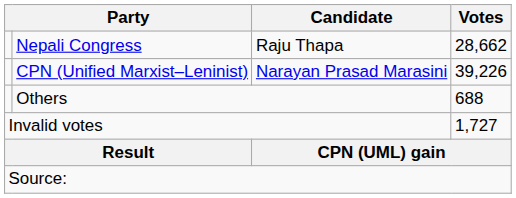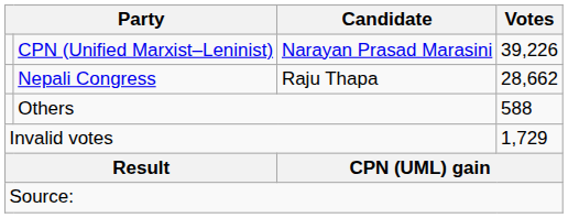 <table class="wikitable">
 <tr>
 <th colspan="2">Party</th>
 <th>Candidate</th>
 <th>Votes</th>
 </tr>
 <tr>
 <td style="background-color:"></td>
+<td><a href='#'>CPN (Unified Marxist–Leninist)</a></td>
+<td><a href='#'>Narayan Prasad Marasini</a></td>
+<td>39,226</td>
+</tr>
+<tr>
+<td style="background-color:"></td>
 <td><a href='#'>Nepali Congress</a></td>
 <td>Raju Thapa</td>
 <td>28,662</td>
 </tr>
 <tr>
-<td style="background-color:"></td>
-<td><a href='#'>CPN (Unified Marxist–Leninist)</a></td>
-<td><a href='#'>Narayan Prasad Marasini</a></td>
-<td>39,226</td>
-</tr>
-<tr>
 <td></td>
 <td colspan="2">Others</td>
-<td>688</td>
+<td>588</td>
 </tr>
 <tr>
 <td colspan="3">Invalid votes</td>
-<td>1,727</td>
+<td>1,729</td>
 </tr>
 <tr>
 <th colspan="2">Result</th>
 <th colspan="2">CPN (UML) gain</th>
 </tr>
 <tr>
 <td colspan="4">Source: </td>
 </tr>
 </table>
